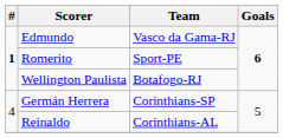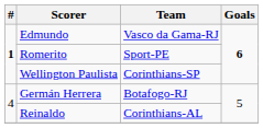 <table class="wikitable">
 <tr>
 <th>#</th>
 <th>Scorer</th>
 <th>Team</th>
 <th>Goals</th>
 </tr>
 <tr>
 <td rowspan="3" align=center><strong>1</strong></td>
 <td> <a href='#'>Edmundo</a></td>
 <td><a href='#'>Vasco da Gama-RJ</a></td>
 <td rowspan="3" align=center><strong>6</strong></td>
 </tr>
 <tr>
 <td> <a href='#'>Romerito</a></td>
 <td><a href='#'>Sport-PE</a></td>
 </tr>
 <tr>
 <td> <a href='#'>Wellington Paulista</a></td>
-<td><a href='#'>Botafogo-RJ</a></td>
+<td><a href='#'>Corinthians-SP</a></td>
 </tr>
 <tr>
 <td rowspan="2" align=center>4</td>
 <td> <a href='#'>Germán Herrera</a></td>
-<td><a href='#'>Corinthians-SP</a></td>
+<td><a href='#'>Botafogo-RJ</a></td>
 <td rowspan="2" align=center>5</td>
 </tr>
 <tr>
 <td> <a href='#'>Reinaldo</a></td>
 <td><a href='#'>Corinthians-AL</a></td>
 </tr>
 <tr>
 </tr>
 </table>
